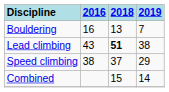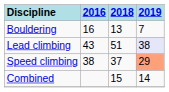 <table class="wikitable" style="text-align: left;">
 <tr style="background: #b0e0e6;">
 <td><strong>Discipline</strong></td>
 <td><strong><a href='#'>2016</a></strong></td>
 <td><strong><a href='#'>2018</a></strong></td>
 <td><strong><a href='#'>2019</a></strong></td>
 </tr>
 <tr>
 <td align="left"><a href='#'>Bouldering</a></td>
 <td>16</td>
 <td>13</td>
 <td>7</td>
 </tr>
 <tr>
 <td align="left"><a href='#'>Lead climbing</a></td>
 <td>43</td>
-<td><strong>51</strong></td>
-<td>38</td>
+<td>51</td>
+<td style="background: lavender;">38</td>
 </tr>
 <tr>
 <td align="left"><a href='#'>Speed climbing</a></td>
 <td>38</td>
 <td>37</td>
-<td>29</td>
+<td style="background: lightsalmon;">29</td>
 </tr>
 <tr>
 <td align="left"><a href='#'>Combined</a></td>
 <td></td>
 <td>15</td>
 <td>14</td>
 </tr>
 <tr>
 </tr>
 </table>
